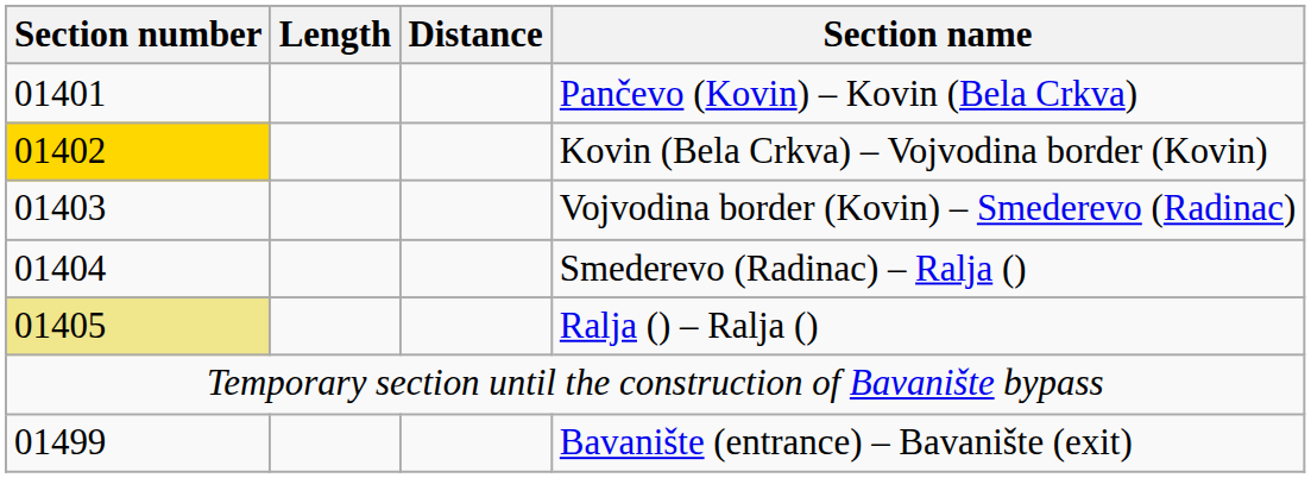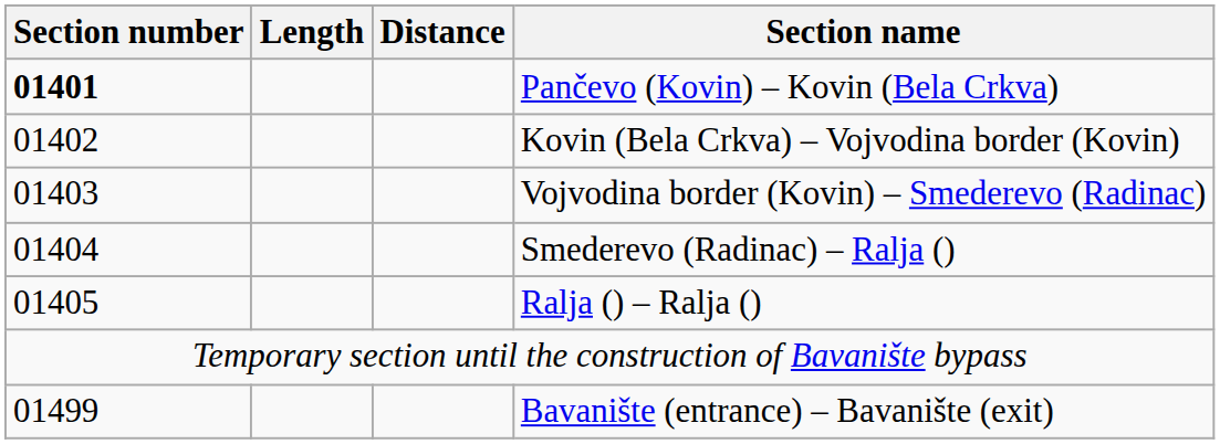 <table class="wikitable">
 <tr>
 <th>Section number</th>
 <th>Length</th>
 <th>Distance</th>
 <th>Section name</th>
 </tr>
 <tr>
-<td>01401</td>
+<td><strong>01401</strong></td>
 <td></td>
 <td></td>
 <td><a href='#'>Pančevo</a> (<a href='#'>Kovin</a>) – Kovin (<a href='#'>Bela Crkva</a>)</td>
 </tr>
 <tr>
-<td style="background: gold;">01402</td>
+<td>01402</td>
 <td></td>
 <td></td>
 <td>Kovin (Bela Crkva) – Vojvodina border (Kovin)</td>
 </tr>
 <tr>
 <td>01403</td>
 <td></td>
 <td></td>
 <td>Vojvodina border (Kovin) – <a href='#'>Smederevo</a> (<a href='#'>Radinac</a>)</td>
 </tr>
 <tr>
 <td>01404</td>
 <td></td>
 <td></td>
 <td>Smederevo (Radinac) – <a href='#'>Ralja</a> ()</td>
 </tr>
 <tr>
-<td style="background: khaki;">01405</td>
+<td>01405</td>
 <td></td>
 <td></td>
 <td><a href='#'>Ralja</a> () – Ralja ()</td>
 </tr>
 <tr>
 <td colspan="4" style="text-align:center;"><em>Temporary section until the construction of <a href='#'>Bavanište</a> bypass</em></td>
 </tr>
 <tr>
 <td>01499</td>
 <td></td>
 <td></td>
 <td><a href='#'>Bavanište</a> (entrance) – Bavanište (exit)</td>
 </tr>
 </table>
